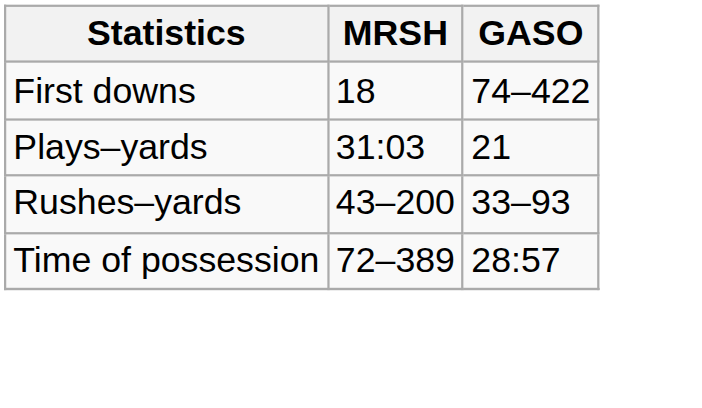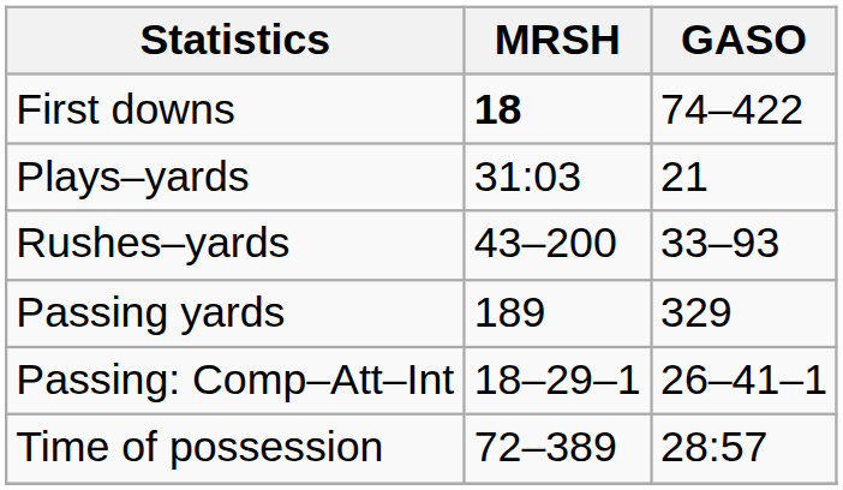 <table class="wikitable" style="float: left;">
 <tr>
 <th>Statistics</th>
 <th>MRSH</th>
 <th>GASO</th>
 </tr>
 <tr>
 <td>First downs</td>
-<td>18</td>
+<td><strong>18</strong></td>
 <td>74–422</td>
 </tr>
 <tr>
 <td>Plays–yards</td>
 <td>31:03</td>
 <td>21</td>
 </tr>
 <tr>
 <td>Rushes–yards</td>
 <td>43–200</td>
 <td>33–93</td>
 </tr>
 <tr>
+<td>Passing yards</td>
+<td>189</td>
+<td>329</td>
+</tr>
+<tr>
+<td>Passing: Comp–Att–Int</td>
+<td>18–29–1</td>
+<td>26–41–1</td>
+</tr>
+<tr>
 <td>Time of possession</td>
 <td>72–389</td>
 <td>28:57</td>
 </tr>
 <tr>
 </tr>
 </table>
